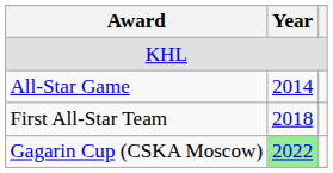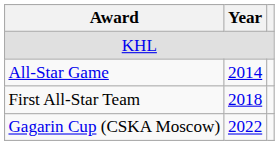 <table class="wikitable">
 <tr>
 <th>Award</th>
 <th>Year</th>
 <th></th>
 </tr>
 <tr ALIGN="center" bgcolor="#e0e0e0">
 <td colspan="3"><a href='#'>KHL</a></td>
 </tr>
 <tr>
 <td><a href='#'>All-Star Game</a></td>
 <td><a href='#'>2014</a></td>
 <td></td>
 </tr>
 <tr>
 <td>First All-Star Team</td>
 <td><a href='#'>2018</a></td>
 <td></td>
 </tr>
 <tr>
 <td><a href='#'>Gagarin Cup</a> (CSKA Moscow)</td>
-<td style="background: lightgreen;"><a href='#'>2022</a></td>
+<td><a href='#'>2022</a></td>
 <td></td>
 </tr>
 </table>
